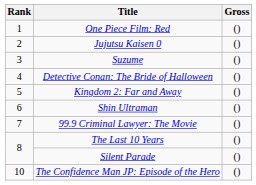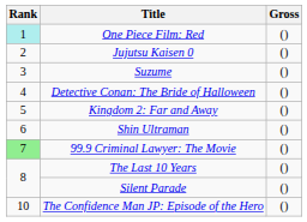 <table class="wikitable sortable" style="margin:auto; margin:auto; text-align:center">
 <tr>
 <th>Rank</th>
 <th>Title</th>
 <th>Gross</th>
 </tr>
 <tr>
-<td>1</td>
+<td style="background: paleturquoise;">1</td>
 <td><em><a href='#'>One Piece Film: Red</a></em></td>
 <td> ()</td>
 </tr>
 <tr>
 <td>2</td>
 <td><em><a href='#'>Jujutsu Kaisen 0</a></em></td>
 <td> ()</td>
 </tr>
 <tr>
 <td>3</td>
 <td><em><a href='#'>Suzume</a></em></td>
 <td> ()</td>
 </tr>
 <tr>
 <td>4</td>
 <td><em><a href='#'>Detective Conan: The Bride of Halloween</a></em></td>
 <td> ()</td>
 </tr>
 <tr>
 <td>5</td>
 <td><em><a href='#'>Kingdom 2: Far and Away</a></em></td>
 <td> ()</td>
 </tr>
 <tr>
 <td>6</td>
 <td><em><a href='#'>Shin Ultraman</a></em></td>
 <td> ()</td>
 </tr>
 <tr>
-<td>7</td>
+<td style="background: lightgreen;">7</td>
 <td><em><a href='#'>99.9 Criminal Lawyer: The Movie</a></em></td>
 <td> ()</td>
 </tr>
 <tr>
 <td rowspan="2">8</td>
 <td><em><a href='#'>The Last 10 Years</a></em></td>
 <td> ()</td>
 </tr>
 <tr>
 <td><em><a href='#'>Silent Parade</a></em></td>
 <td> ()</td>
 </tr>
 <tr>
 <td>10</td>
 <td><em><a href='#'>The Confidence Man JP: Episode of the Hero</a></em></td>
 <td> ()</td>
 </tr>
 </table>
